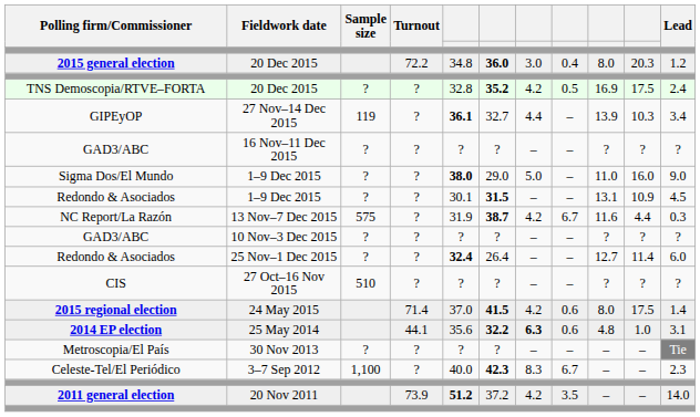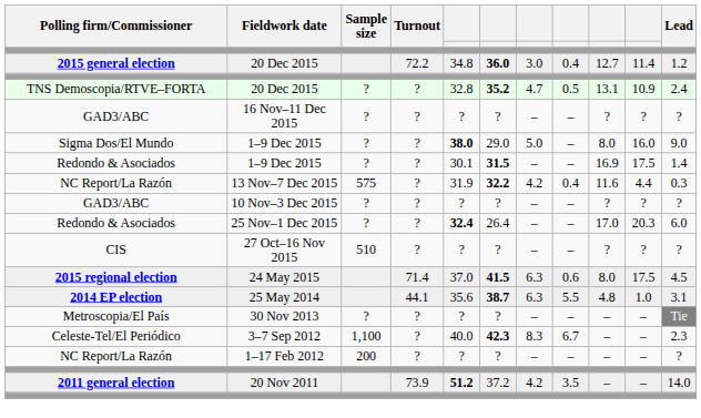 <table class="wikitable collapsible collapsed" style="text-align:center; font-size:95%; line-height:16px;">
 <tr style="height:42px; background-color:#E9E9E9">
 <th style="width:250px;" rowspan="2">Polling firm/Commissioner</th>
 <th style="width:125px;" rowspan="2">Fieldwork date</th>
 <th style="width:50px;" rowspan="2">Sample size</th>
 <th style="width:45px;" rowspan="2">Turnout</th>
 <th style="width:35px;"></th>
 <th style="width:35px;"></th>
 <th style="width:35px;"></th>
 <th style="width:35px;"></th>
 <th style="width:35px;"></th>
 <th style="width:35px;"></th>
 <th style="width:30px;" rowspan="2">Lead</th>
 </tr>
 <tr>
 <th style="color:inherit;background:"></th>
 <th style="color:inherit;background:"></th>
 <th style="color:inherit;background:"></th>
 <th style="color:inherit;background:"></th>
 <th style="color:inherit;background:"></th>
 <th style="color:inherit;background:"></th>
 </tr>
 <tr>
 <td colspan="11" style="background:#A0A0A0"></td>
 </tr>
 <tr style="background:#EFEFEF;">
 <td><strong><a href='#'>2015 general election</a></strong></td>
 <td>20 Dec 2015</td>
 <td></td>
 <td>72.2</td>
 <td>34.8<br></td>
 <td><strong>36.0</strong><br></td>
 <td>3.0<br></td>
 <td>0.4<br></td>
-<td>8.0<br></td>
-<td>20.3<br></td>
+<td>12.7<br></td>
+<td>11.4<br></td>
 <td style="background:">1.2</td>
 </tr>
 <tr>
 <td colspan="11" style="background:#A0A0A0"></td>
 </tr>
 <tr style="background:#EAFFEA;">
 <td>TNS Demoscopia/RTVE–FORTA</td>
 <td>20 Dec 2015</td>
 <td>?</td>
 <td>?</td>
 <td>32.8<br></td>
 <td><strong>35.2</strong><br></td>
-<td>4.2<br></td>
+<td>4.7<br></td>
 <td>0.5<br></td>
-<td>16.9<br></td>
-<td>17.5<br></td>
+<td>13.1<br></td>
+<td>10.9<br></td>
 <td style="background:">2.4</td>
-</tr>
-<tr>
-<td>GIPEyOP</td>
-<td>27 Nov–14 Dec 2015</td>
-<td>119</td>
-<td>?</td>
-<td><strong>36.1</strong><br></td>
-<td>32.7<br></td>
-<td>4.4<br></td>
-<td>–</td>
-<td>13.9<br></td>
-<td>10.3<br></td>
-<td style="background:">3.4</td>
 </tr>
 <tr>
 <td>GAD3/ABC</td>
 <td>16 Nov–11 Dec 2015</td>
 <td>?</td>
 <td>?</td>
 <td>?<br></td>
 <td>?<br></td>
 <td>–</td>
 <td>–</td>
 <td>?<br></td>
 <td>?<br></td>
 <td style="background:">?</td>
 </tr>
 <tr>
 <td>Sigma Dos/El Mundo</td>
 <td>1–9 Dec 2015</td>
 <td>?</td>
 <td>?</td>
 <td><strong>38.0</strong><br></td>
 <td>29.0<br></td>
 <td>5.0<br></td>
 <td>–</td>
-<td>11.0<br></td>
+<td>8.0<br></td>
 <td>16.0<br></td>
 <td style="background:">9.0</td>
 </tr>
 <tr>
 <td>Redondo & Asociados</td>
 <td>1–9 Dec 2015</td>
 <td>?</td>
 <td>?</td>
 <td>30.1<br></td>
 <td><strong>31.5</strong><br></td>
 <td>–</td>
 <td>–</td>
-<td>13.1<br></td>
-<td>10.9<br></td>
-<td style="background:">4.5</td>
+<td>16.9<br></td>
+<td>17.5<br></td>
+<td style="background:">1.4</td>
 </tr>
 <tr>
 <td>NC Report/La Razón</td>
 <td>13 Nov–7 Dec 2015</td>
 <td>575</td>
 <td>?</td>
 <td>31.9<br></td>
-<td><strong>38.7</strong><br></td>
+<td><strong>32.2</strong><br></td>
 <td>4.2<br></td>
-<td>6.7<br></td>
+<td>0.4<br></td>
 <td>11.6<br></td>
 <td>4.4<br></td>
 <td style="background:">0.3</td>
 </tr>
 <tr>
 <td>GAD3/ABC</td>
 <td>10 Nov–3 Dec 2015</td>
 <td>?</td>
 <td>?</td>
 <td>?<br></td>
 <td>?<br></td>
 <td>–</td>
 <td>–</td>
 <td>?<br></td>
 <td>?<br></td>
 <td style="background:">?</td>
 </tr>
 <tr>
 <td>Redondo & Asociados</td>
 <td>25 Nov–1 Dec 2015</td>
 <td>?</td>
 <td>?</td>
 <td><strong>32.4</strong><br></td>
 <td>26.4<br></td>
 <td>–</td>
 <td>–</td>
-<td>12.7<br></td>
-<td>11.4<br></td>
+<td>17.0<br></td>
+<td>20.3<br></td>
 <td style="background:">6.0</td>
 </tr>
 <tr>
 <td>CIS</td>
 <td>27 Oct–16 Nov 2015</td>
 <td>510</td>
 <td>?</td>
 <td>?<br></td>
 <td>?<br></td>
 <td>–</td>
 <td>–</td>
 <td>?<br></td>
 <td>?<br></td>
 <td style="background:">?</td>
 </tr>
 <tr style="background:#EFEFEF;">
 <td><strong><a href='#'>2015 regional election</a></strong></td>
 <td>24 May 2015</td>
 <td></td>
 <td>71.4</td>
 <td>37.0<br></td>
 <td><strong>41.5</strong><br></td>
-<td>4.2<br></td>
+<td>6.3<br></td>
 <td>0.6<br></td>
 <td>8.0<br></td>
 <td>17.5<br></td>
-<td style="background:">1.4</td>
+<td style="background:">4.5</td>
 </tr>
 <tr style="background:#EFEFEF;">
 <td><strong><a href='#'>2014 EP election</a></strong></td>
 <td>25 May 2014</td>
 <td></td>
 <td>44.1</td>
 <td>35.6<br></td>
-<td><strong>32.2</strong><br></td>
-<td><strong>6.3<br></strong></td>
-<td>0.6<br></td>
+<td><strong>38.7</strong><br></td>
+<td>6.3<br></td>
+<td>5.5<br></td>
 <td>4.8<br></td>
 <td>1.0<br></td>
 <td style="background:">3.1</td>
 </tr>
 <tr>
 <td>Metroscopia/El País</td>
 <td>30 Nov 2013</td>
 <td>?</td>
 <td>?</td>
 <td>?<br></td>
 <td>?<br></td>
 <td>–</td>
 <td>–</td>
 <td>–</td>
 <td>–</td>
 <td style="background:gray;color:white;">Tie</td>
 </tr>
 <tr>
 <td>Celeste-Tel/El Periódico</td>
 <td>3–7 Sep 2012</td>
 <td>1,100</td>
 <td>?</td>
 <td>40.0<br></td>
 <td><strong>42.3</strong><br></td>
 <td>8.3<br></td>
 <td>6.7<br></td>
 <td>–</td>
 <td>–</td>
 <td style="background:">2.3</td>
 </tr>
 <tr>
+<td>NC Report/La Razón</td>
+<td>1–17 Feb 2012</td>
+<td>200</td>
+<td>?</td>
+<td>?<br></td>
+<td>?<br></td>
+<td>–</td>
+<td>–</td>
+<td>–</td>
+<td>–</td>
+<td style="background:">?</td>
+</tr>
+<tr>
 <td colspan="11" style="background:#A0A0A0"></td>
 </tr>
 <tr style="background:#EFEFEF;">
 <td><strong><a href='#'>2011 general election</a></strong></td>
 <td>20 Nov 2011</td>
 <td></td>
 <td>73.9</td>
 <td><strong>51.2</strong><br></td>
 <td>37.2<br></td>
 <td>4.2<br></td>
 <td>3.5<br></td>
 <td>–</td>
 <td>–</td>
 <td style="background:">14.0</td>
 </tr>
 <tr>
 <td colspan="11" style="background:#A0A0A0"></td>
 </tr>
 </table>
